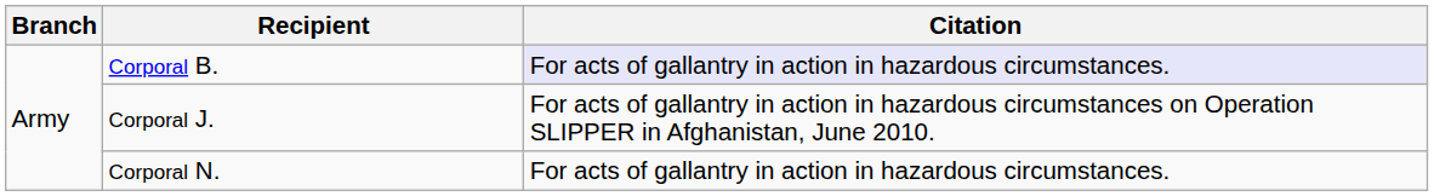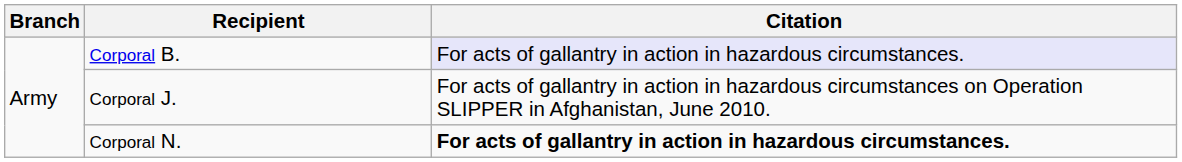 <table class="wikitable" style="font-size:95%;">
 <tr>
 <th scope="col" width="50">Branch</th>
 <th scope="col" width="250">Recipient</th>
 <th>Citation</th>
 </tr>
 <tr>
 <td rowspan="3">Army</td>
 <td><small><a href='#'>Corporal</a></small> B.</td>
 <td style="background: lavender;">For acts of gallantry in action in hazardous circumstances.</td>
 </tr>
 <tr>
 <td><small>Corporal</small> J.</td>
 <td>For acts of gallantry in action in hazardous circumstances on Operation SLIPPER in Afghanistan, June 2010.</td>
 </tr>
 <tr>
 <td><small>Corporal</small> N.</td>
-<td>For acts of gallantry in action in hazardous circumstances.</td>
+<td><strong>For acts of gallantry in action in hazardous circumstances.</strong></td>
 </tr>
 </table>
